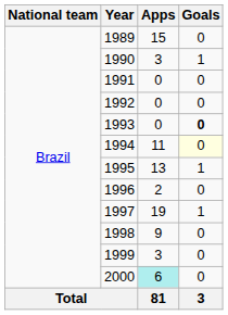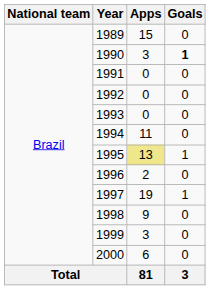 <table class="wikitable" style="text-align:center">
 <tr>
 <th>National team</th>
 <th>Year</th>
 <th>Apps</th>
 <th>Goals</th>
 </tr>
 <tr>
 <td rowspan="12"><a href='#'>Brazil</a></td>
 <td>1989</td>
 <td>15</td>
 <td>0</td>
 </tr>
 <tr>
 <td>1990</td>
 <td>3</td>
-<td>1</td>
+<td><strong>1</strong></td>
 </tr>
 <tr>
 <td>1991</td>
 <td>0</td>
 <td>0</td>
 </tr>
 <tr>
 <td>1992</td>
 <td>0</td>
 <td>0</td>
 </tr>
 <tr>
 <td>1993</td>
 <td>0</td>
-<td><strong>0</strong></td>
+<td>0</td>
 </tr>
 <tr>
 <td>1994</td>
 <td>11</td>
-<td style="background: lightyellow;">0</td>
+<td>0</td>
 </tr>
 <tr>
 <td>1995</td>
-<td>13</td>
+<td style="background: khaki;">13</td>
 <td>1</td>
 </tr>
 <tr>
 <td>1996</td>
 <td>2</td>
 <td>0</td>
 </tr>
 <tr>
 <td>1997</td>
 <td>19</td>
 <td>1</td>
 </tr>
 <tr>
 <td>1998</td>
 <td>9</td>
 <td>0</td>
 </tr>
 <tr>
 <td>1999</td>
 <td>3</td>
 <td>0</td>
 </tr>
 <tr>
 <td>2000</td>
-<td style="background: paleturquoise;">6</td>
+<td>6</td>
 <td>0</td>
 </tr>
 <tr>
 <th colspan="2">Total</th>
 <th>81</th>
 <th>3</th>
 </tr>
 </table>
